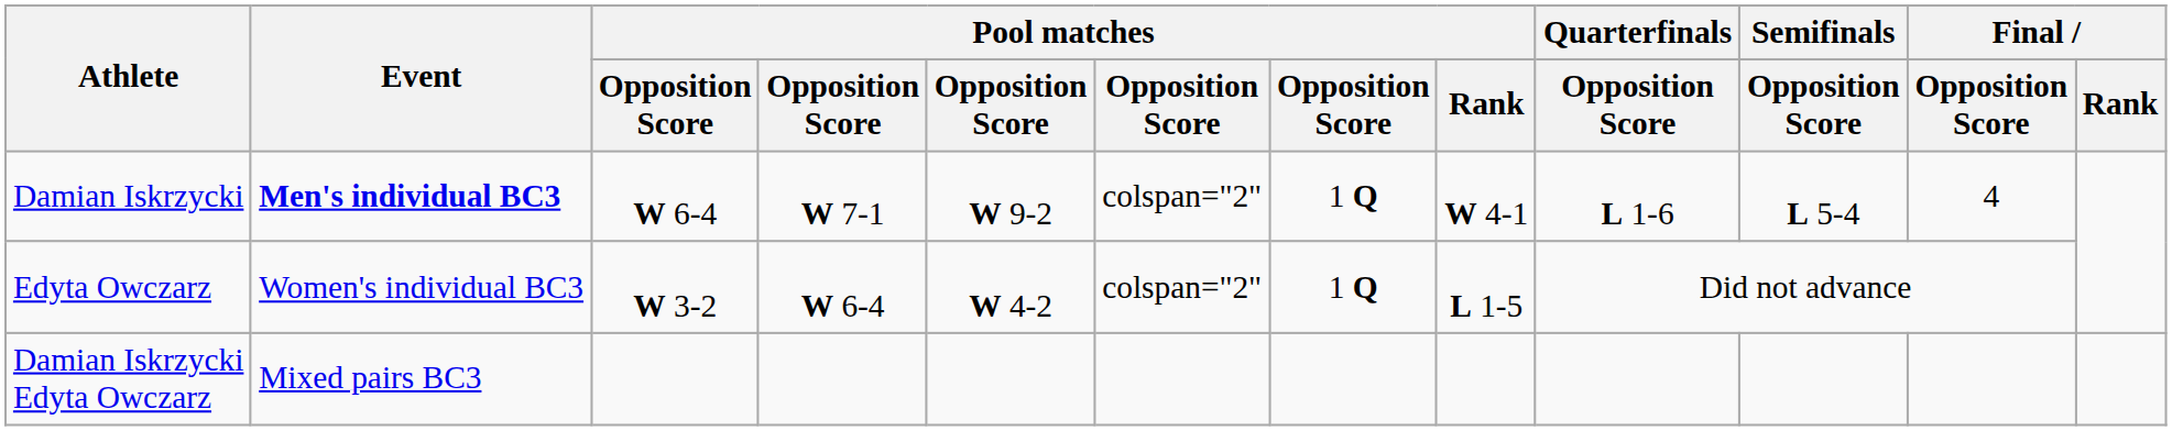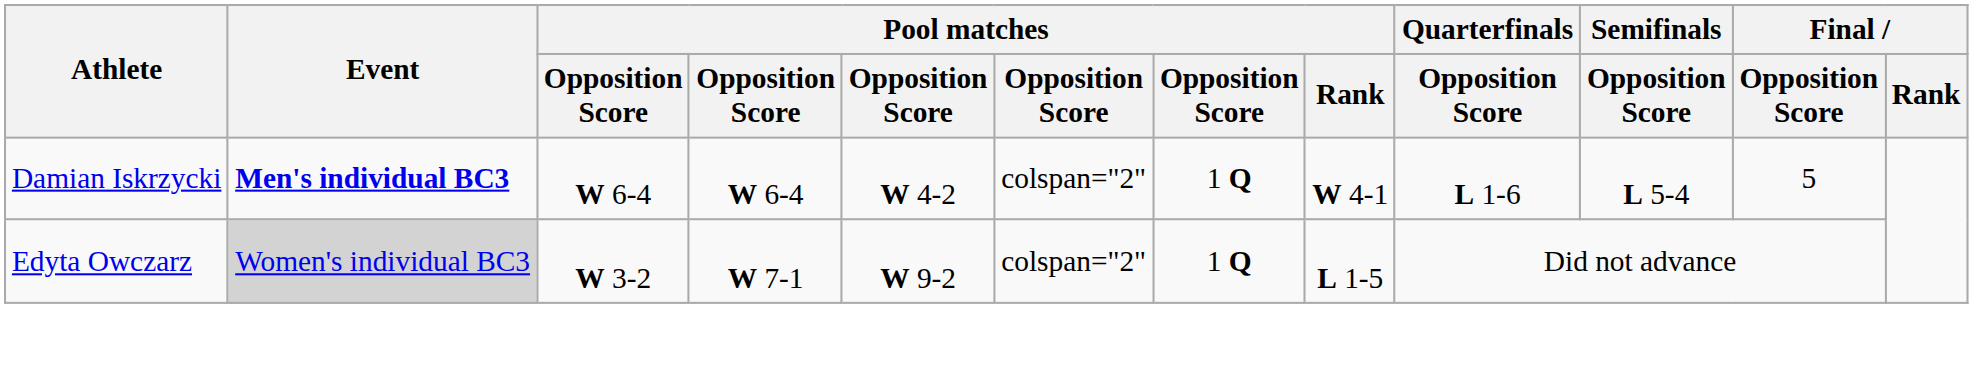 <table class=wikitable style="font-size:90%">
 <tr>
 <th rowspan="2">Athlete</th>
 <th rowspan="2">Event</th>
 <th colspan="6">Pool matches</th>
 <th>Quarterfinals</th>
 <th>Semifinals</th>
 <th colspan=2>Final / </th>
 </tr>
 <tr>
 <th>Opposition<br>Score</th>
 <th>Opposition<br>Score</th>
 <th>Opposition<br>Score</th>
 <th>Opposition<br>Score</th>
 <th>Opposition<br>Score</th>
 <th>Rank</th>
 <th>Opposition<br>Score</th>
 <th>Opposition<br>Score</th>
 <th>Opposition<br>Score</th>
 <th>Rank</th>
 </tr>
 <tr align=center>
 <td align=left><a href='#'>Damian Iskrzycki</a></td>
 <td align=left><strong><a href='#'>Men's individual BC3</a></strong></td>
 <td><br> <strong>W</strong> 6-4</td>
-<td><br> <strong>W</strong> 7-1</td>
-<td><br> <strong>W</strong> 9-2</td>
+<td><br> <strong>W</strong> 6-4</td>
+<td><br> <strong>W</strong> 4-2</td>
 <td>colspan="2" </td>
 <td>1 <strong>Q</strong></td>
 <td><br> <strong>W</strong> 4-1</td>
 <td><br> <strong>L</strong> 1-6</td>
 <td><br> <strong>L</strong> 5-4</td>
-<td>4</td>
+<td>5</td>
 </tr>
 <tr align=center>
 <td align=left><a href='#'>Edyta Owczarz</a></td>
-<td align=left><a href='#'>Women's individual BC3</a></td>
+<td align=left style="background: lightgrey;"><a href='#'>Women's individual BC3</a></td>
 <td><br> <strong>W</strong> 3-2</td>
-<td><br> <strong>W</strong> 6-4</td>
-<td><br> <strong>W</strong> 4-2</td>
+<td><br> <strong>W</strong> 7-1</td>
+<td><br> <strong>W</strong> 9-2</td>
 <td>colspan="2" </td>
 <td>1 <strong>Q</strong></td>
 <td><br><strong>L</strong> 1-5</td>
 <td colspan=3>Did not advance</td>
 </tr>
-<tr align=center>
-<td align=left><a href='#'>Damian Iskrzycki</a><br><a href='#'>Edyta Owczarz</a></td>
-<td align=left><a href='#'>Mixed pairs BC3</a></td>
-<td></td>
-<td></td>
-<td></td>
-<td></td>
-<td></td>
-<td></td>
-<td></td>
-<td></td>
-<td></td>
-<td></td>
-</tr>
 </table>
